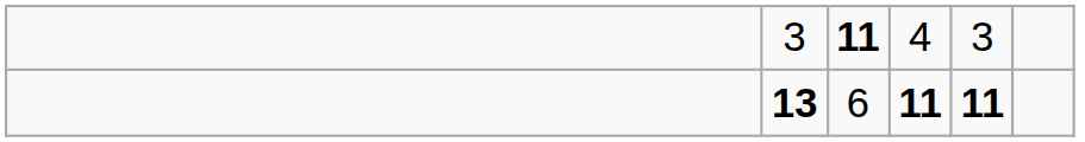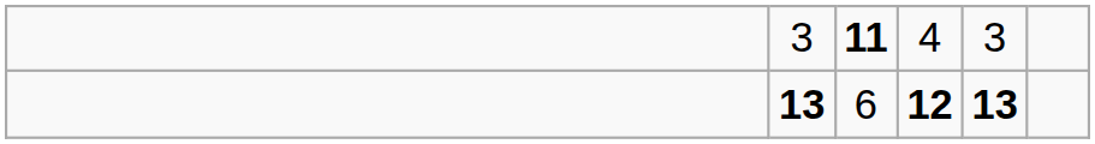 <table class="wikitable">
 <tr>
 <td style="width:18em"></td>
 <td align=center style="width:1em">3</td>
 <td align=center style="width:1em"><strong>11</strong></td>
 <td align=center style="width:1em">4</td>
 <td align=center style="width:1em">3</td>
 <td align=center style="width:1em"></td>
 </tr>
 <tr>
 <td style="width:18em"><strong></strong></td>
 <td align=center style="width:1em"><strong>13</strong></td>
 <td align=center style="width:1em">6</td>
-<td align=center style="width:1em"><strong>11</strong></td>
-<td align=center style="width:1em"><strong>11</strong></td>
+<td align=center style="width:1em"><strong>12</strong></td>
+<td align=center style="width:1em"><strong>13</strong></td>
 <td align=center style="width:1em"></td>
 </tr>
 </table>
